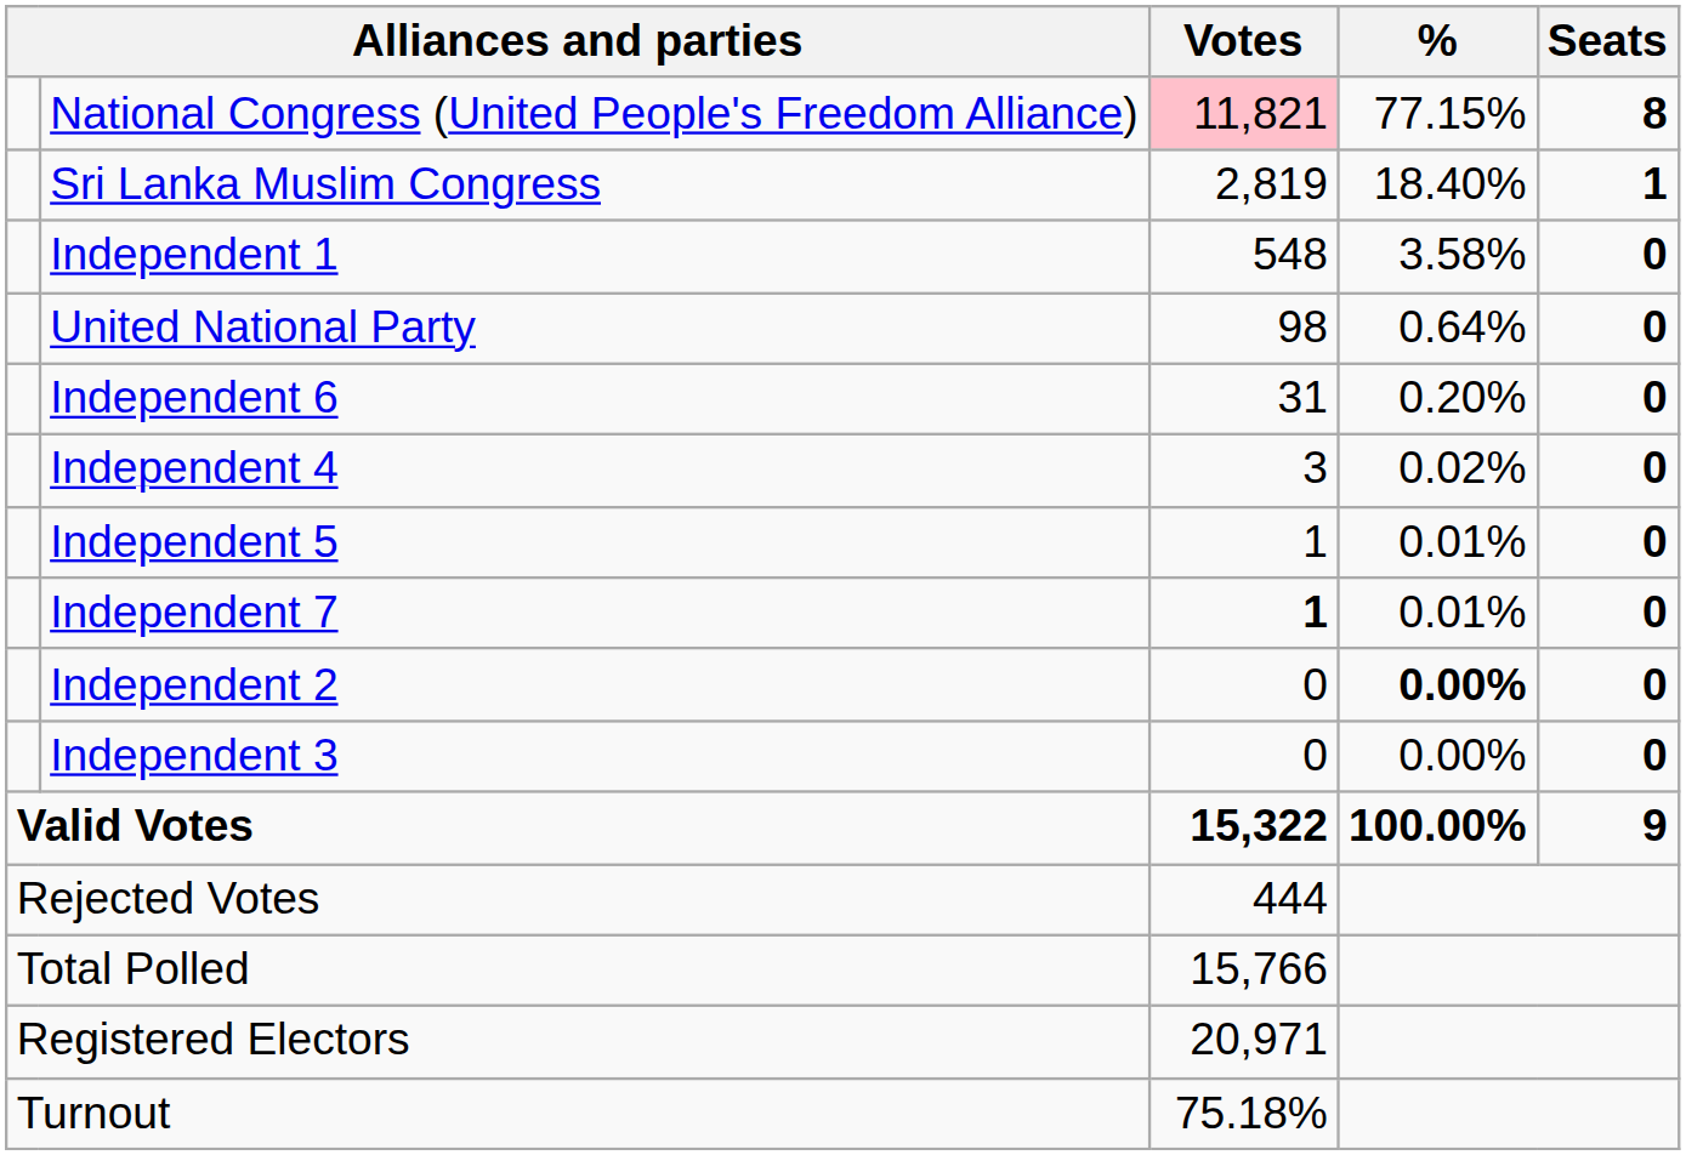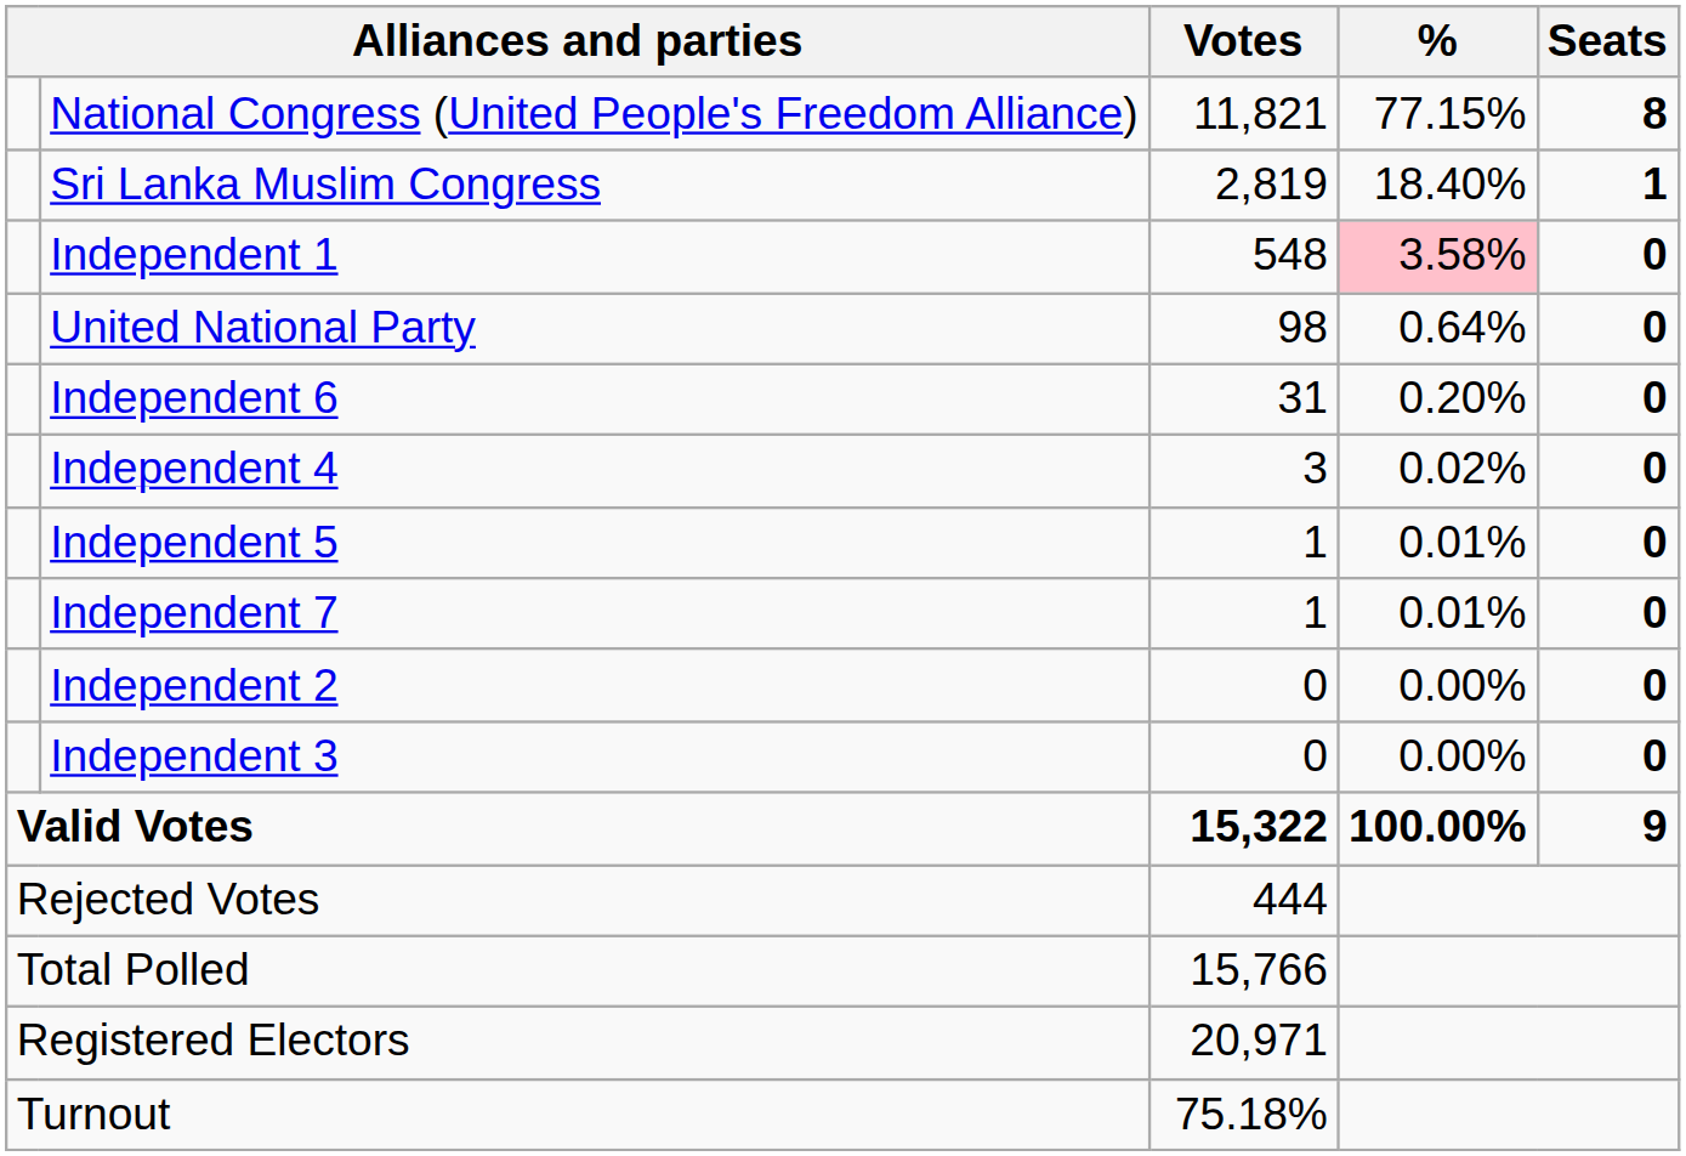 <table class="wikitable" border="1" style="text-align:right;">
 <tr>
 <th valign=bottom align=left colspan=2>Alliances and parties</th>
 <th valign=bottom align=center width="60">Votes</th>
 <th valign=bottom align=center width="50">%</th>
 <th valign=bottom align=center>Seats</th>
 </tr>
 <tr>
 <td></td>
 <td align=left><a href='#'>National Congress</a> (<a href='#'>United People's Freedom Alliance</a>)</td>
-<td style="background: pink;">11,821</td>
+<td>11,821</td>
 <td>77.15%</td>
 <td><strong>8</strong></td>
 </tr>
 <tr>
 <td bgcolor=> </td>
 <td align=left><a href='#'>Sri Lanka Muslim Congress</a></td>
 <td>2,819</td>
 <td>18.40%</td>
 <td><strong>1</strong></td>
 </tr>
 <tr>
 <td></td>
 <td align=left><a href='#'>Independent 1</a></td>
 <td>548</td>
-<td>3.58%</td>
+<td style="background: pink;">3.58%</td>
 <td><strong>0</strong></td>
 </tr>
 <tr>
 <td bgcolor=> </td>
 <td align=left><a href='#'>United National Party</a></td>
 <td>98</td>
 <td>0.64%</td>
 <td><strong>0</strong></td>
 </tr>
 <tr>
 <td></td>
 <td align=left><a href='#'>Independent 6</a></td>
 <td>31</td>
 <td>0.20%</td>
 <td><strong>0</strong></td>
 </tr>
 <tr>
 <td></td>
 <td align=left><a href='#'>Independent 4</a></td>
 <td>3</td>
 <td>0.02%</td>
 <td><strong>0</strong></td>
 </tr>
 <tr>
 <td></td>
 <td align=left><a href='#'>Independent 5</a></td>
 <td>1</td>
 <td>0.01%</td>
 <td><strong>0</strong></td>
 </tr>
 <tr>
 <td></td>
 <td align=left><a href='#'>Independent 7</a></td>
-<td><strong>1</strong></td>
+<td>1</td>
 <td>0.01%</td>
 <td><strong>0</strong></td>
 </tr>
 <tr>
 <td></td>
 <td align=left><a href='#'>Independent 2</a></td>
 <td>0</td>
-<td><strong>0.00%</strong></td>
+<td>0.00%</td>
 <td><strong>0</strong></td>
 </tr>
 <tr>
 <td></td>
 <td align=left><a href='#'>Independent 3</a></td>
 <td>0</td>
 <td>0.00%</td>
 <td><strong>0</strong></td>
 </tr>
 <tr>
 <td colspan=2 align=left><strong>Valid Votes</strong></td>
 <td><strong>15,322</strong></td>
 <td><strong>100.00%</strong></td>
 <td><strong>9</strong></td>
 </tr>
 <tr>
 <td colspan=2 align=left>Rejected Votes</td>
 <td>444</td>
 <td colspan=2></td>
 </tr>
 <tr>
 <td colspan=2 align=left>Total Polled</td>
 <td>15,766</td>
 <td colspan=2></td>
 </tr>
 <tr>
 <td colspan=2 align=left>Registered Electors</td>
 <td>20,971</td>
 <td colspan=2></td>
 </tr>
 <tr>
 <td colspan=2 align=left>Turnout</td>
 <td>75.18%</td>
 <td colspan=2></td>
 </tr>
 </table>
